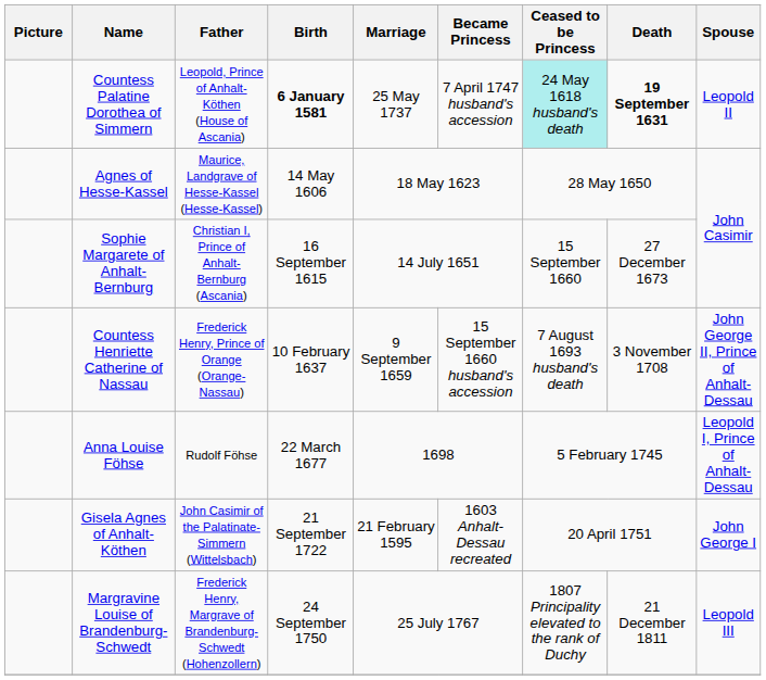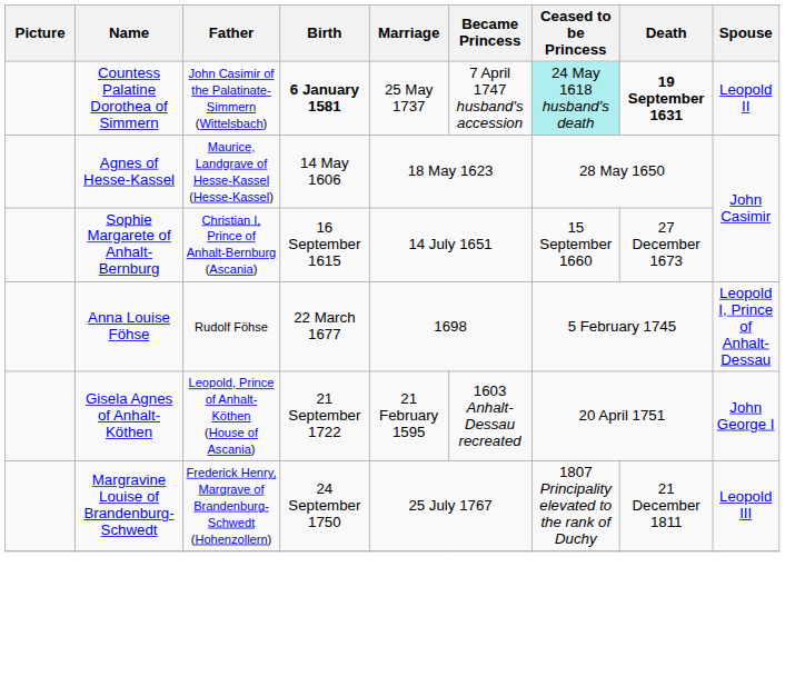 <table width=95% class="wikitable">
 <tr>
 <th width = "8%">Picture</th>
 <th width = "10%">Name</th>
 <th width = "9%">Father</th>
 <th width = "10%">Birth</th>
 <th width = "9%">Marriage</th>
 <th width = "9%">Became Princess</th>
 <th width = "9%">Ceased to be Princess</th>
 <th width = "9%">Death</th>
 <th width = "6%">Spouse</th>
 </tr>
 <tr>
 <td align="center"></td>
 <td align="center"><a href='#'>Countess Palatine Dorothea of Simmern</a></td>
-<td align="center"><small><a href='#'>Leopold, Prince of Anhalt-Köthen</a><br>(<a href='#'>House of Ascania</a>)</small></td>
+<td align="center"><small><a href='#'>John Casimir of the Palatinate-Simmern</a><br>(<a href='#'>Wittelsbach</a>)</small></td>
 <td align="center"><strong>6 January 1581</strong></td>
 <td align="center">25 May 1737</td>
 <td align="center">7 April 1747<br><em>husband's accession</em></td>
 <td align="center" style="background: paleturquoise;">24 May 1618<br><em>husband's death</em></td>
 <td align="center"><strong>19 September 1631</strong></td>
 <td align="center"><a href='#'>Leopold II</a></td>
 </tr>
 <tr>
 <td align="center"></td>
 <td align="center"><a href='#'>Agnes of Hesse-Kassel</a></td>
 <td align="center"><small><a href='#'>Maurice, Landgrave of Hesse-Kassel</a><br>(<a href='#'>Hesse-Kassel</a>)</small></td>
 <td align="center">14 May 1606</td>
 <td align="center" colspan="2">18 May 1623</td>
 <td align="center" colspan="2">28 May 1650</td>
 <td align="center" rowspan="2"><a href='#'>John Casimir</a></td>
 </tr>
 <tr>
 <td align="center"></td>
 <td align="center"><a href='#'>Sophie Margarete of Anhalt-Bernburg</a></td>
 <td align="center"><small><a href='#'>Christian I, Prince of Anhalt-Bernburg</a><br>(<a href='#'>Ascania</a>)</small></td>
 <td align="center">16 September 1615</td>
 <td align="center" colspan="2">14 July 1651</td>
 <td align="center">15 September 1660</td>
 <td align="center">27 December 1673</td>
 </tr>
 <tr>
 <td align="center"></td>
-<td align="center"><a href='#'>Countess Henriette Catherine of Nassau</a></td>
-<td align="center"><small><a href='#'>Frederick Henry, Prince of Orange</a><br>(<a href='#'>Orange-Nassau</a>)</small></td>
-<td align="center">10 February 1637</td>
-<td align="center">9 September 1659</td>
-<td align="center">15 September 1660<br><em>husband's accession</em></td>
-<td align="center">7 August 1693<br><em>husband's death</em></td>
-<td align="center">3 November 1708</td>
-<td align="center"><a href='#'>John George II, Prince of Anhalt-Dessau</a></td>
-</tr>
-<tr>
-<td align="center"></td>
 <td align="center"><a href='#'>Anna Louise Föhse</a></td>
 <td align="center"><small>Rudolf Föhse</small></td>
 <td align="center">22 March 1677</td>
 <td align="center" colspan="2">1698</td>
 <td align="center" colspan="2">5 February 1745</td>
 <td align="center"><a href='#'>Leopold I, Prince of Anhalt-Dessau</a></td>
 </tr>
 <tr>
 <td align="center"></td>
 <td align="center"><a href='#'>Gisela Agnes of Anhalt-Köthen</a></td>
-<td align="center"><small><a href='#'>John Casimir of the Palatinate-Simmern</a><br>(<a href='#'>Wittelsbach</a>)</small></td>
+<td align="center"><small><a href='#'>Leopold, Prince of Anhalt-Köthen</a><br>(<a href='#'>House of Ascania</a>)</small></td>
 <td align="center">21 September 1722</td>
 <td align="center">21 February 1595</td>
 <td align="center">1603 <br> <em>Anhalt-Dessau recreated</em></td>
 <td align="center" colspan="2">20 April 1751</td>
 <td align="center"><a href='#'>John George I</a></td>
 </tr>
 <tr>
 <td align="center"></td>
 <td align="center"><a href='#'>Margravine Louise of Brandenburg-Schwedt</a></td>
 <td align="center"><small><a href='#'>Frederick Henry, Margrave of Brandenburg-Schwedt</a><br>(<a href='#'>Hohenzollern</a>)</small></td>
 <td align="center">24 September 1750</td>
 <td align="center" colspan="2">25 July 1767</td>
 <td align="center">1807<br><em>Principality elevated to the rank of Duchy</em></td>
 <td align="center">21 December 1811</td>
 <td align="center"><a href='#'>Leopold III</a></td>
 </tr>
 <tr>
 </tr>
 </table>
